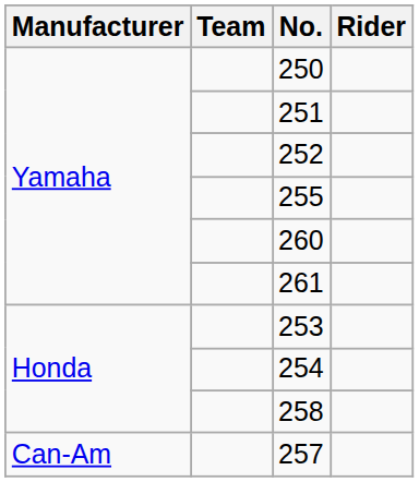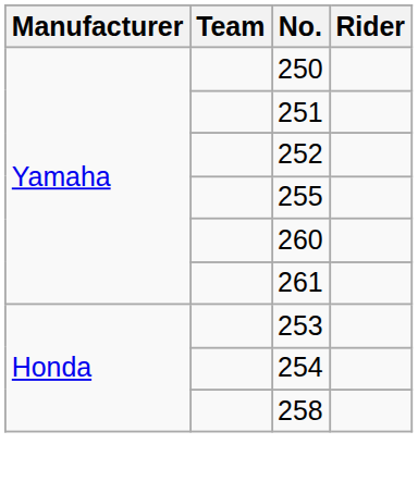 <table class="wikitable" style="font-size:85%; ; width:15%">
 <tr>
 <th>Manufacturer</th>
 <th>Team</th>
 <th>No.</th>
 <th>Rider</th>
 </tr>
 <tr>
 <td rowspan=6> <a href='#'>Yamaha</a></td>
 <td></td>
 <td>250</td>
 <td></td>
 </tr>
 <tr>
 <td></td>
 <td>251</td>
 <td></td>
 </tr>
 <tr>
 <td></td>
 <td>252</td>
 <td></td>
 </tr>
 <tr>
 <td></td>
 <td>255</td>
 <td></td>
 </tr>
 <tr>
 <td></td>
 <td>260</td>
 <td></td>
 </tr>
 <tr>
 <td></td>
 <td>261</td>
 <td></td>
 </tr>
 <tr>
 <td rowspan=3> <a href='#'>Honda</a></td>
 <td></td>
 <td>253</td>
 <td></td>
 </tr>
 <tr>
 <td></td>
 <td>254</td>
 <td></td>
 </tr>
 <tr>
 <td></td>
 <td>258</td>
 <td></td>
 </tr>
-<tr>
-<td> <a href='#'>Can-Am</a></td>
-<td></td>
-<td>257</td>
-<td></td>
-</tr>
 </table>
